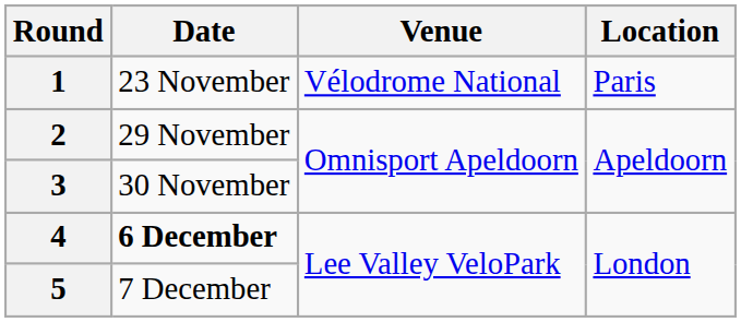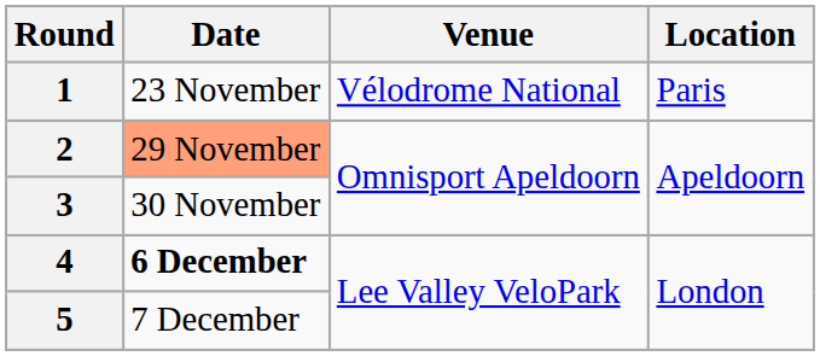 <table class="wikitable plainrowheaders" style="font-size: 85%;">
 <tr>
 <th>Round</th>
 <th>Date</th>
 <th>Venue</th>
 <th>Location</th>
 </tr>
 <tr>
 <th>1</th>
 <td>23 November</td>
 <td> <a href='#'>Vélodrome National</a></td>
 <td><a href='#'>Paris</a></td>
 </tr>
 <tr>
 <th>2</th>
-<td>29 November</td>
+<td style="background: lightsalmon;">29 November</td>
 <td rowspan=2> <a href='#'>Omnisport Apeldoorn</a></td>
 <td rowspan=2><a href='#'>Apeldoorn</a></td>
 </tr>
 <tr>
 <th>3</th>
 <td>30 November</td>
 </tr>
 <tr>
 <th>4</th>
 <td><strong>6 December</strong></td>
 <td rowspan=2> <a href='#'>Lee Valley VeloPark</a></td>
 <td rowspan=2><a href='#'>London</a></td>
 </tr>
 <tr>
 <th>5</th>
 <td>7 December</td>
 </tr>
 </table>
